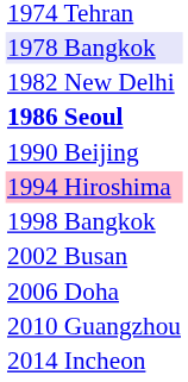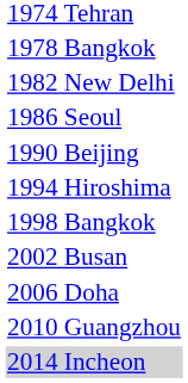 <table>
 <tr>
 <td><a href='#'>1974 Tehran</a></td>
 <td></td>
 <td></td>
 <td></td>
 </tr>
 <tr>
-<td style="background: lavender;"><a href='#'>1978 Bangkok</a></td>
+<td><a href='#'>1978 Bangkok</a></td>
 <td></td>
 <td></td>
 <td></td>
 </tr>
 <tr>
 <td><a href='#'>1982 New Delhi</a></td>
 <td></td>
 <td></td>
 <td></td>
 </tr>
 <tr>
-<td><strong><a href='#'>1986 Seoul</a></strong></td>
+<td><a href='#'>1986 Seoul</a></td>
 <td></td>
 <td></td>
 <td></td>
 </tr>
 <tr>
 <td><a href='#'>1990 Beijing</a></td>
 <td></td>
 <td></td>
 <td></td>
 </tr>
 <tr>
-<td style="background: pink;"><a href='#'>1994 Hiroshima</a></td>
+<td><a href='#'>1994 Hiroshima</a></td>
 <td></td>
 <td></td>
 <td></td>
 </tr>
 <tr>
 <td><a href='#'>1998 Bangkok</a></td>
 <td></td>
 <td></td>
 <td></td>
 </tr>
 <tr>
 <td><a href='#'>2002 Busan</a></td>
 <td></td>
 <td></td>
 <td></td>
 </tr>
 <tr>
 <td><a href='#'>2006 Doha</a></td>
 <td></td>
 <td></td>
 <td></td>
 </tr>
 <tr>
 <td><a href='#'>2010 Guangzhou</a></td>
 <td></td>
 <td></td>
 <td></td>
 </tr>
 <tr>
-<td><a href='#'>2014 Incheon</a></td>
+<td style="background: lightgrey;"><a href='#'>2014 Incheon</a></td>
 <td></td>
 <td></td>
 <td></td>
 </tr>
 </table>
